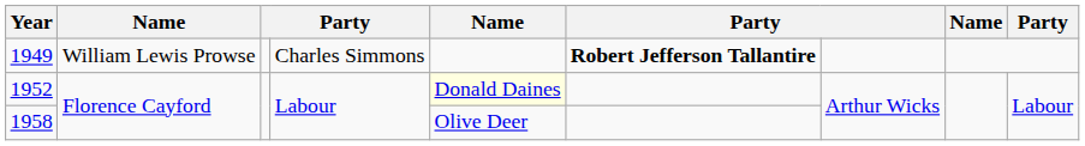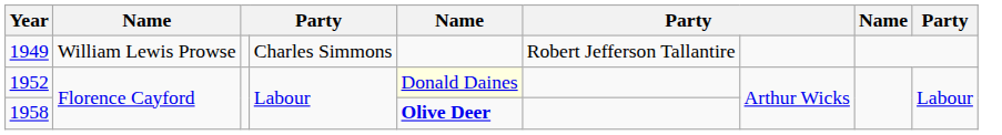 <table class="wikitable">
 <tr>
 <th>Year</th>
 <th>Name</th>
 <th colspan=2>Party</th>
 <th>Name</th>
 <th colspan=2>Party</th>
 <th>Name</th>
 <th colspan=2>Party</th>
 </tr>
 <tr>
 <td><a href='#'>1949</a></td>
 <td>William Lewis Prowse</td>
 <td></td>
 <td>Charles Simmons</td>
 <td></td>
-<td><strong>Robert Jefferson Tallantire</strong></td>
+<td>Robert Jefferson Tallantire</td>
 <td></td>
 </tr>
 <tr>
 <td><a href='#'>1952</a></td>
 <td rowspan=2><a href='#'>Florence Cayford</a></td>
 <td rowspan=2 style="background-color: "></td>
 <td rowspan=2><a href='#'>Labour</a></td>
 <td style="background: lightyellow;"><a href='#'>Donald Daines</a></td>
 <td></td>
 <td rowspan=2><a href='#'>Arthur Wicks</a></td>
 <td rowspan=2 style="background-color: "></td>
 <td rowspan=2><a href='#'>Labour</a></td>
 </tr>
 <tr>
 <td><a href='#'>1958</a></td>
-<td><a href='#'>Olive Deer</a></td>
+<td><strong><a href='#'>Olive Deer</a></strong></td>
 <td></td>
 </tr>
 </table>
